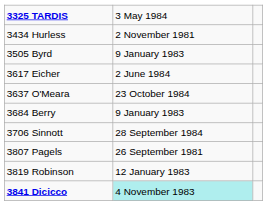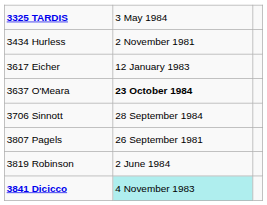 <table class="wikitable" style="font-size: 89%; float: left; width: 26em; margin-right: 1em; height: 280px;">
 <tr>
 <td><strong><a href='#'>3325 TARDIS</a></strong></td>
 <td>3 May 1984</td>
 <td></td>
 </tr>
 <tr>
 <td>3434 Hurless</td>
 <td>2 November 1981</td>
 <td></td>
 </tr>
 <tr>
-<td>3505 Byrd</td>
-<td>9 January 1983</td>
-<td></td>
-</tr>
-<tr>
 <td>3617 Eicher</td>
-<td>2 June 1984</td>
+<td>12 January 1983</td>
 <td></td>
 </tr>
 <tr>
 <td>3637 O'Meara</td>
-<td>23 October 1984</td>
-<td></td>
-</tr>
-<tr>
-<td>3684 Berry</td>
-<td>9 January 1983</td>
+<td><strong>23 October 1984</strong></td>
 <td></td>
 </tr>
 <tr>
 <td>3706 Sinnott</td>
 <td>28 September 1984</td>
 <td></td>
 </tr>
 <tr>
 <td>3807 Pagels</td>
 <td>26 September 1981</td>
 <td> </td>
 </tr>
 <tr>
 <td>3819 Robinson</td>
-<td>12 January 1983</td>
+<td>2 June 1984</td>
 <td></td>
 </tr>
 <tr>
 <td><strong><a href='#'>3841 Dicicco</a></strong></td>
 <td style="background: paleturquoise;">4 November 1983</td>
 <td></td>
 </tr>
 </table>
